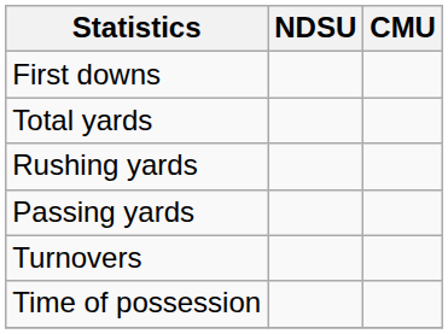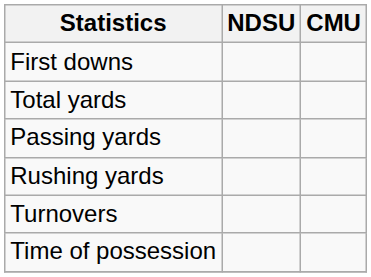 <table class="wikitable" style="float: left;">
 <tr>
 <th>Statistics</th>
 <th>NDSU</th>
 <th>CMU</th>
 </tr>
 <tr>
 <td>First downs</td>
 <td></td>
 <td></td>
 </tr>
 <tr>
 <td>Total yards</td>
 <td></td>
 <td></td>
 </tr>
 <tr>
-<td>Rushing yards</td>
+<td>Passing yards</td>
 <td></td>
 <td></td>
 </tr>
 <tr>
-<td>Passing yards</td>
+<td>Rushing yards</td>
 <td></td>
 <td></td>
 </tr>
 <tr>
 <td>Turnovers</td>
 <td></td>
 <td></td>
 </tr>
 <tr>
 <td>Time of possession</td>
 <td></td>
 <td></td>
 </tr>
 <tr>
 </tr>
 </table>
